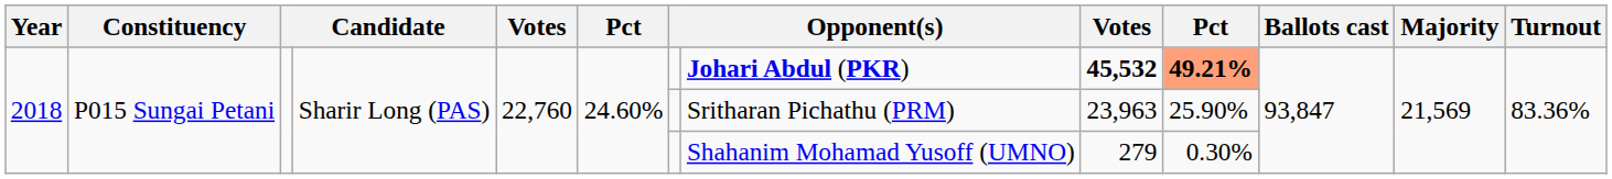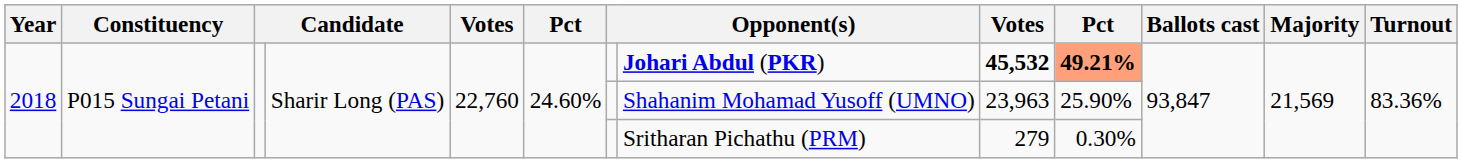 <table class="wikitable" style="margin:0.5em ; font-size:95%">
 <tr>
 <th>Year</th>
 <th>Constituency</th>
 <th colspan=2>Candidate</th>
 <th>Votes</th>
 <th>Pct</th>
 <th colspan=2>Opponent(s)</th>
 <th>Votes</th>
 <th>Pct</th>
 <th>Ballots cast</th>
 <th>Majority</th>
 <th>Turnout</th>
 </tr>
 <tr>
 <td rowspan=3><a href='#'>2018</a></td>
 <td rowspan=3>P015 <a href='#'>Sungai Petani</a></td>
 <td rowspan=3 ></td>
 <td rowspan=3>Sharir Long (<a href='#'>PAS</a>)</td>
 <td rowspan=3 align=right>22,760</td>
 <td rowspan=3>24.60%</td>
 <td></td>
 <td><strong><a href='#'>Johari Abdul</a></strong> (<a href='#'><strong>PKR</strong></a>)</td>
 <td align=right><strong>45,532</strong></td>
 <td style="background: lightsalmon;"><strong>49.21%</strong></td>
 <td rowspan=3>93,847</td>
 <td rowspan=3>21,569</td>
 <td rowspan=3>83.36%</td>
 </tr>
 <tr>
 <td></td>
-<td>Sritharan Pichathu (<a href='#'>PRM</a>)</td>
+<td><a href='#'>Shahanim Mohamad Yusoff</a> (<a href='#'>UMNO</a>)</td>
 <td align=right>23,963</td>
 <td>25.90%</td>
 </tr>
 <tr>
 <td bgcolor=></td>
-<td><a href='#'>Shahanim Mohamad Yusoff</a> (<a href='#'>UMNO</a>)</td>
+<td>Sritharan Pichathu (<a href='#'>PRM</a>)</td>
 <td align=right>279</td>
 <td align=right>0.30%</td>
 </tr>
 </table>
